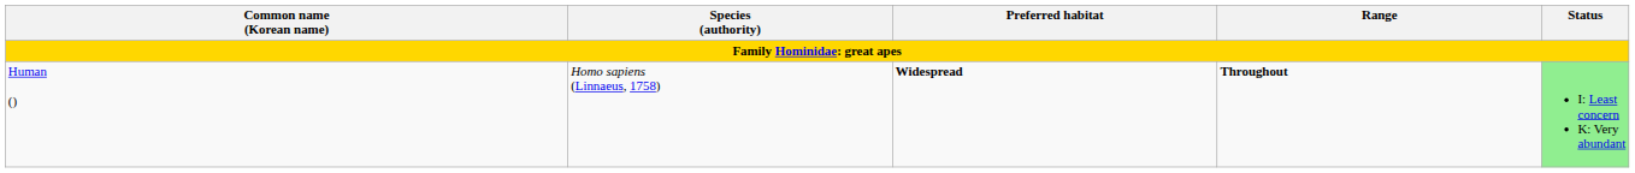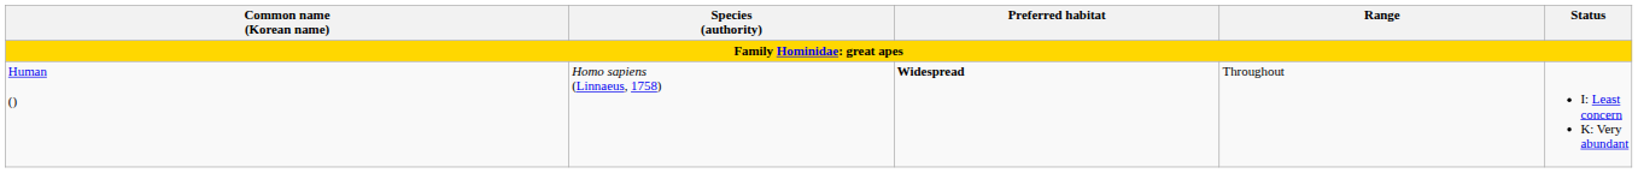 <table width=100% class="wikitable" style="text-align:left;">
 <tr valign="top">
 <th>Common name<br>(Korean name)</th>
 <th width="20%">Species<br>(authority)</th>
 <th width="20%">Preferred habitat</th>
 <th width="20%">Range</th>
 <th width="15em">Status</th>
 </tr>
 <tr>
 <td style="text-align:center;background:gold;" colspan=5><strong>Family <a href='#'>Hominidae</a>: great apes</strong></td>
 </tr>
 <tr valign="top">
 <td><a href='#'>Human</a><br> <br>()</td>
 <td><em>Homo sapiens</em><br>(<a href='#'>Linnaeus</a>, <a href='#'>1758</a>)</td>
 <td><strong>Widespread</strong></td>
-<td><strong>Throughout</strong></td>
-<td style="background: lightgreen;"><br><ul><li>I: <a href='#'>Least concern</a></li><li>K: Very <a href='#'>abundant</a></li></ul></td>
+<td>Throughout</td>
+<td><br><ul><li>I: <a href='#'>Least concern</a></li><li>K: Very <a href='#'>abundant</a></li></ul></td>
 </tr>
 </table>
